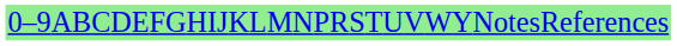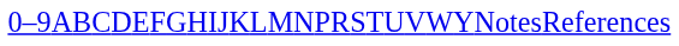 <table id="toc" class="toc" summary="Class" align="center" style="text-align:center;">
 <tr>
 <th></th>
 </tr>
 <tr>
-<td style="background: lightgreen;"><a href='#'>0–9</a><a href='#'>A</a><a href='#'>B</a><a href='#'>C</a><a href='#'>D</a><a href='#'>E</a><a href='#'>F</a><a href='#'>G</a><a href='#'>H</a><a href='#'>I</a><a href='#'>J</a><a href='#'>K</a><a href='#'>L</a><a href='#'>M</a><a href='#'>N</a><a href='#'>P</a><a href='#'>R</a><a href='#'>S</a><a href='#'>T</a><a href='#'>U</a><a href='#'>V</a><a href='#'>W</a><a href='#'>Y</a><a href='#'>Notes</a><a href='#'>References</a></td>
+<td><a href='#'>0–9</a><a href='#'>A</a><a href='#'>B</a><a href='#'>C</a><a href='#'>D</a><a href='#'>E</a><a href='#'>F</a><a href='#'>G</a><a href='#'>H</a><a href='#'>I</a><a href='#'>J</a><a href='#'>K</a><a href='#'>L</a><a href='#'>M</a><a href='#'>N</a><a href='#'>P</a><a href='#'>R</a><a href='#'>S</a><a href='#'>T</a><a href='#'>U</a><a href='#'>V</a><a href='#'>W</a><a href='#'>Y</a><a href='#'>Notes</a><a href='#'>References</a></td>
 </tr>
 </table>
